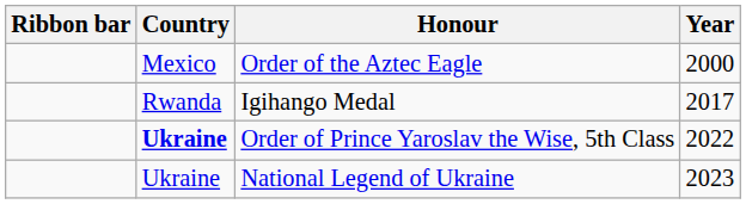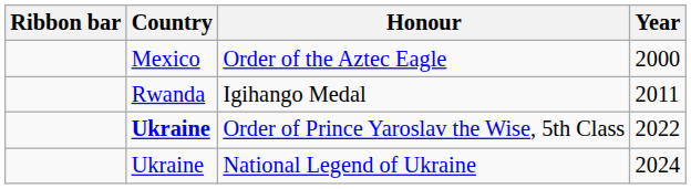 <table class="wikitable">
 <tr>
 <th style="text-align: center;">Ribbon bar</th>
 <th>Country</th>
 <th>Honour</th>
 <th>Year</th>
 </tr>
 <tr>
 <td></td>
 <td><a href='#'>Mexico</a></td>
 <td><a href='#'>Order of the Aztec Eagle</a></td>
 <td>2000</td>
 </tr>
 <tr>
 <td></td>
 <td><a href='#'>Rwanda</a></td>
 <td>Igihango Medal</td>
-<td>2017</td>
+<td>2011</td>
 </tr>
 <tr>
 <td></td>
 <td><strong><a href='#'>Ukraine</a></strong></td>
 <td><a href='#'>Order of Prince Yaroslav the Wise</a>, 5th Class</td>
 <td>2022</td>
 </tr>
 <tr>
 <td></td>
 <td><a href='#'>Ukraine</a></td>
 <td><a href='#'>National Legend of Ukraine</a></td>
-<td>2023</td>
+<td>2024</td>
 </tr>
 </table>
